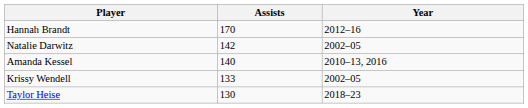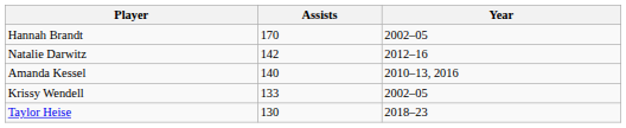 <table class="wikitable" style="width: 50em">
 <tr>
 <th>Player</th>
 <th>Assists</th>
 <th>Year</th>
 </tr>
 <tr>
 <td>Hannah Brandt</td>
 <td>170</td>
-<td>2012–16</td>
+<td>2002–05</td>
 </tr>
 <tr>
 <td>Natalie Darwitz</td>
 <td>142</td>
-<td>2002–05</td>
+<td>2012–16</td>
 </tr>
 <tr>
 <td>Amanda Kessel</td>
 <td>140</td>
 <td>2010–13, 2016</td>
 </tr>
 <tr>
 <td>Krissy Wendell</td>
 <td>133</td>
 <td>2002–05</td>
 </tr>
 <tr>
 <td><a href='#'>Taylor Heise</a></td>
 <td>130</td>
 <td>2018–23</td>
 </tr>
 </table>
